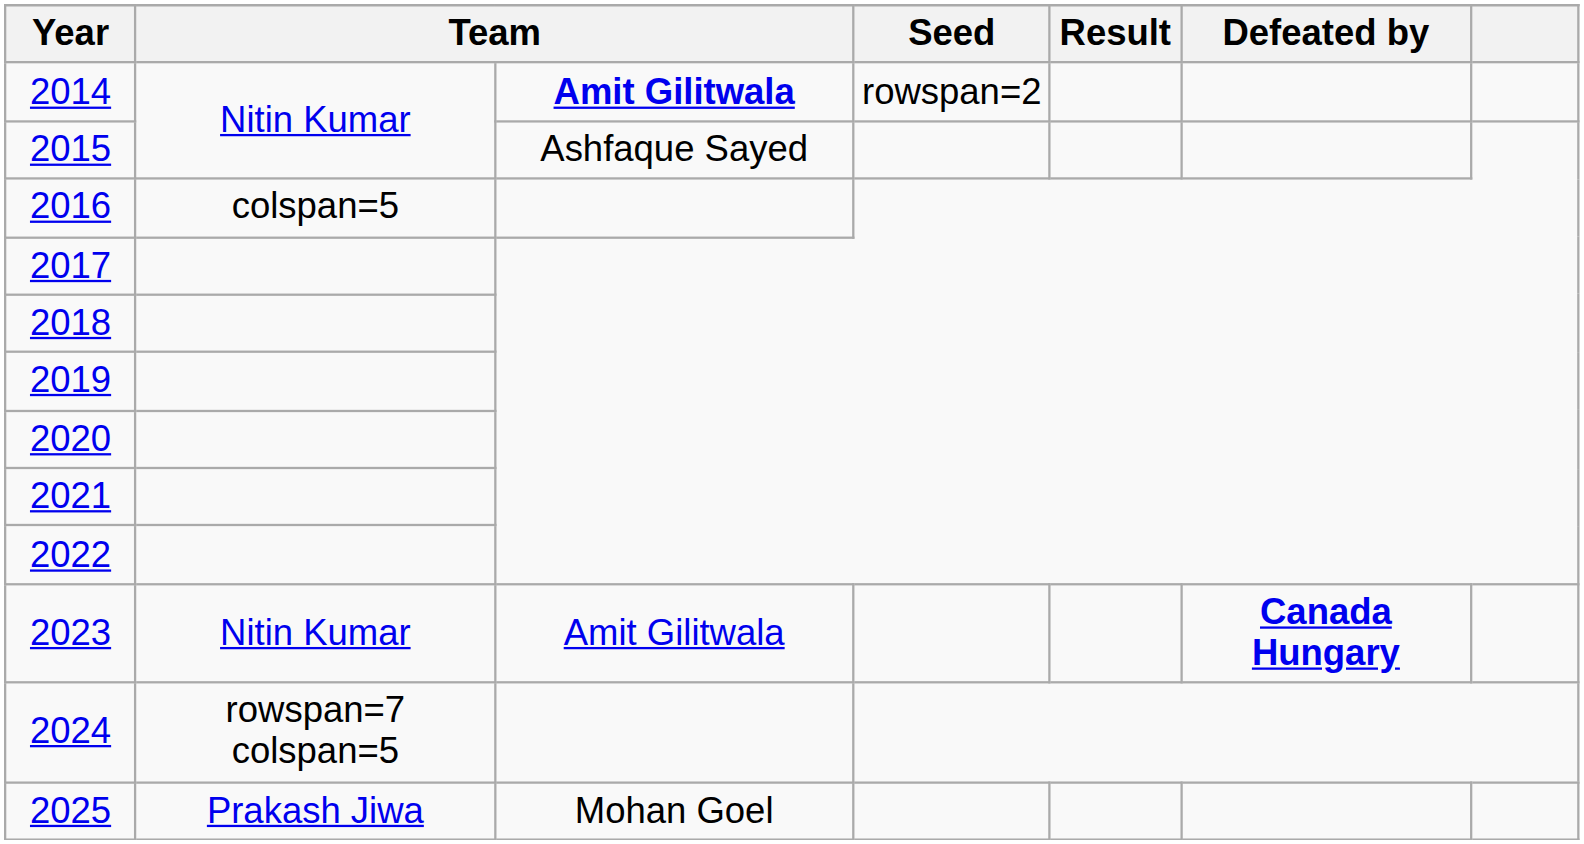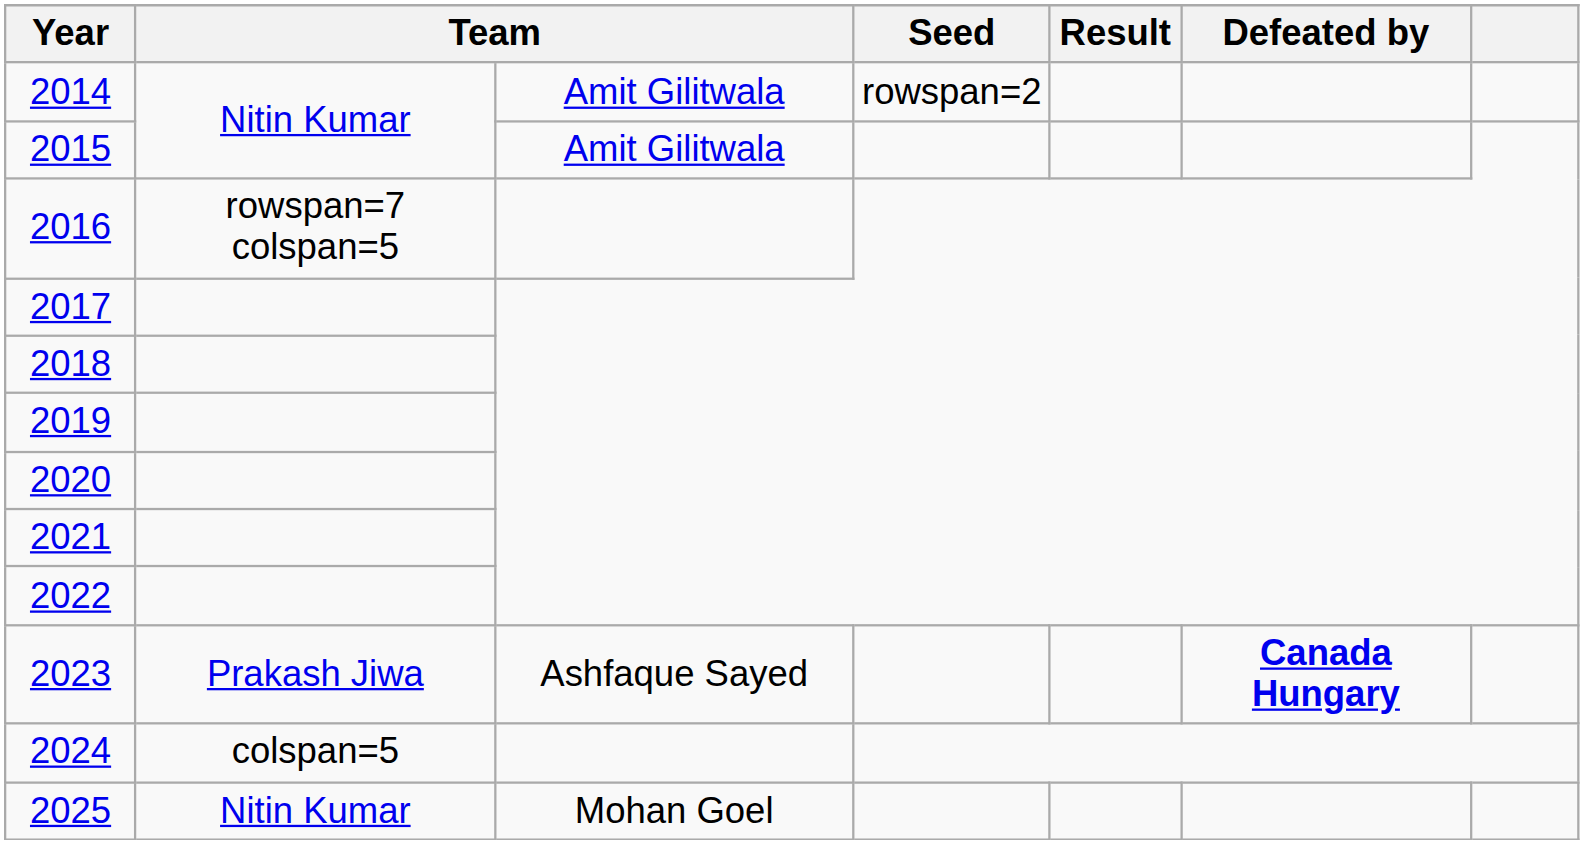 <table class="wikitable" style="text-align: center;">
 <tr style= "background: #e2e2e2;">
 </tr>
 <tr style="background: #efefef;">
 <th width=50px>Year</th>
 <th colspan="2">Team</th>
 <th width=50px>Seed</th>
 <th width=50px>Result</th>
 <th width=120px>Defeated by</th>
 <th width=40px></th>
 </tr>
 <tr>
 <td><a href='#'>2014</a></td>
 <td rowspan=2 width=150px><a href='#'>Nitin Kumar</a></td>
-<td width=150px><strong><a href='#'>Amit Gilitwala</a></strong></td>
+<td width=150px><a href='#'>Amit Gilitwala</a></td>
 <td>rowspan=2 </td>
 <td></td>
 <td> </td>
 <td></td>
 </tr>
 <tr>
 <td><a href='#'>2015</a></td>
-<td>Ashfaque Sayed</td>
+<td><a href='#'>Amit Gilitwala</a></td>
 <td></td>
 <td> </td>
 <td></td>
 </tr>
 <tr>
 <td><a href='#'>2016</a></td>
-<td>colspan=5 </td>
+<td>rowspan=7 colspan=5 </td>
 <td></td>
 </tr>
 <tr>
 <td><a href='#'>2017</a></td>
 <td></td>
 </tr>
 <tr>
 <td><a href='#'>2018</a></td>
 <td></td>
 </tr>
 <tr>
 <td><a href='#'>2019</a></td>
 <td></td>
 </tr>
 <tr>
 <td><a href='#'>2020</a></td>
 <td></td>
 </tr>
 <tr>
 <td><a href='#'>2021</a></td>
 <td></td>
 </tr>
 <tr>
 <td><a href='#'>2022</a></td>
 <td></td>
 </tr>
 <tr>
 <td><a href='#'>2023</a></td>
-<td><a href='#'>Nitin Kumar</a></td>
-<td><a href='#'>Amit Gilitwala</a></td>
+<td><a href='#'>Prakash Jiwa</a></td>
+<td>Ashfaque Sayed</td>
 <td></td>
 <td></td>
 <td><strong> <a href='#'>Canada</a><br> <a href='#'>Hungary</a></strong></td>
 <td></td>
 </tr>
 <tr>
 <td><a href='#'>2024</a></td>
-<td>rowspan=7 colspan=5 </td>
+<td>colspan=5 </td>
 <td></td>
 </tr>
 <tr>
 <td><a href='#'>2025</a></td>
-<td><a href='#'>Prakash Jiwa</a></td>
+<td><a href='#'>Nitin Kumar</a></td>
 <td>Mohan Goel</td>
 <td></td>
 <td></td>
 <td></td>
 <td></td>
 </tr>
 </table>
